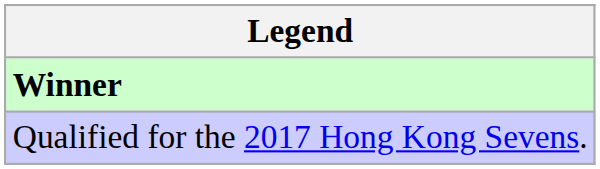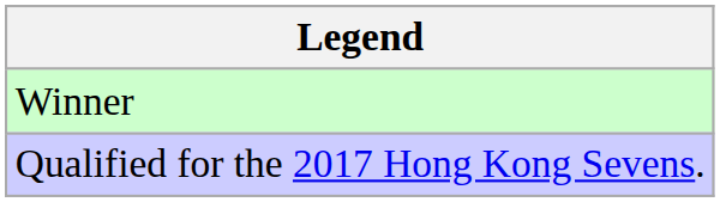 <table class="wikitable">
 <tr>
 <th>Legend</th>
 </tr>
 <tr bgcolor=ccffcc>
-<td><strong>Winner</strong></td>
+<td>Winner</td>
 </tr>
 <tr bgcolor=ccccff>
 <td>Qualified for the <a href='#'>2017 Hong Kong Sevens</a>.</td>
 </tr>
 </table>
